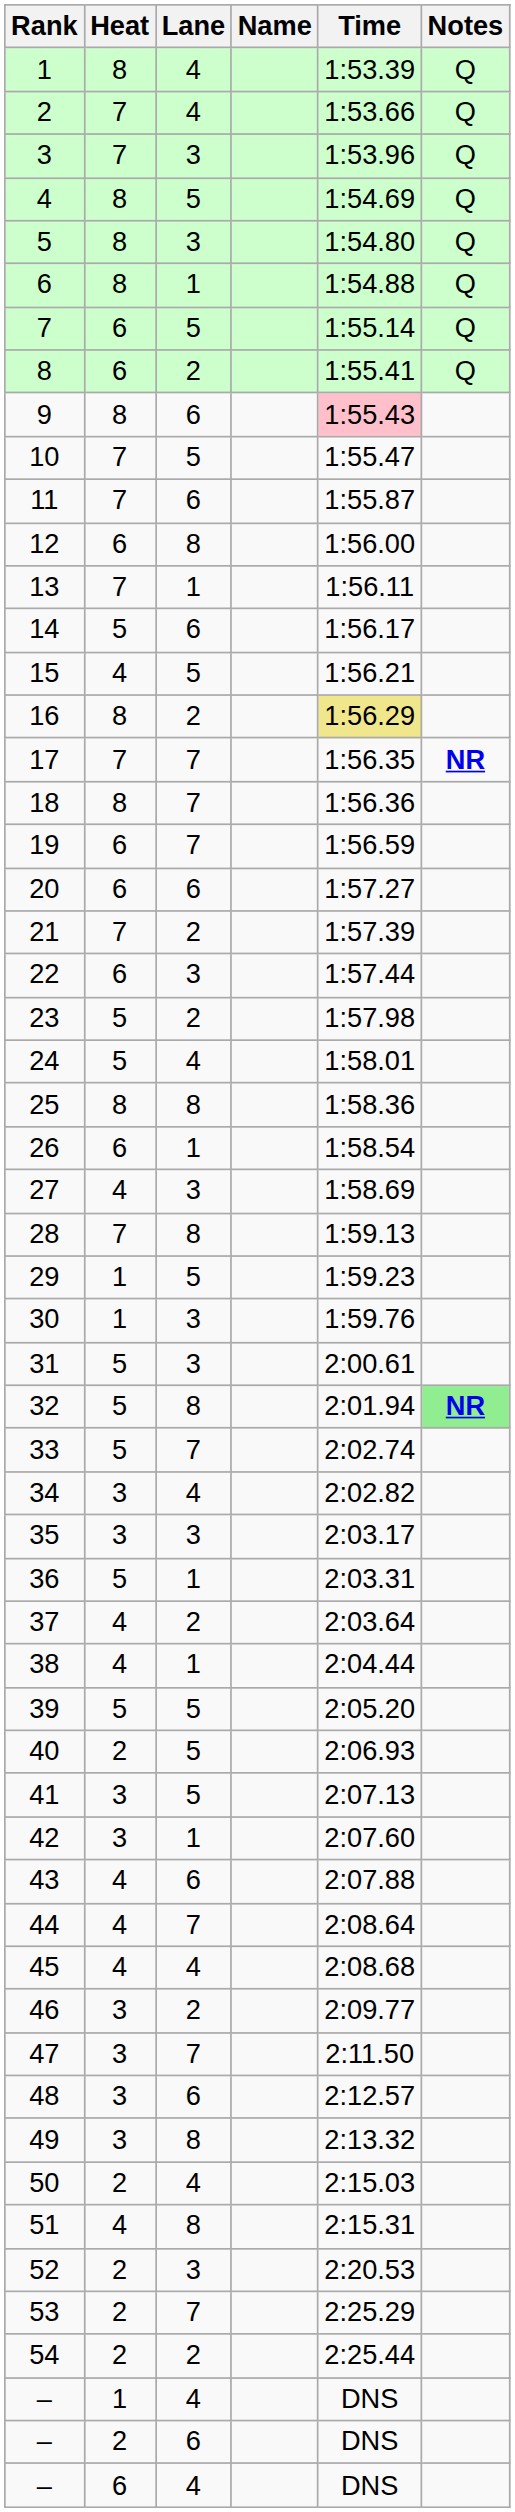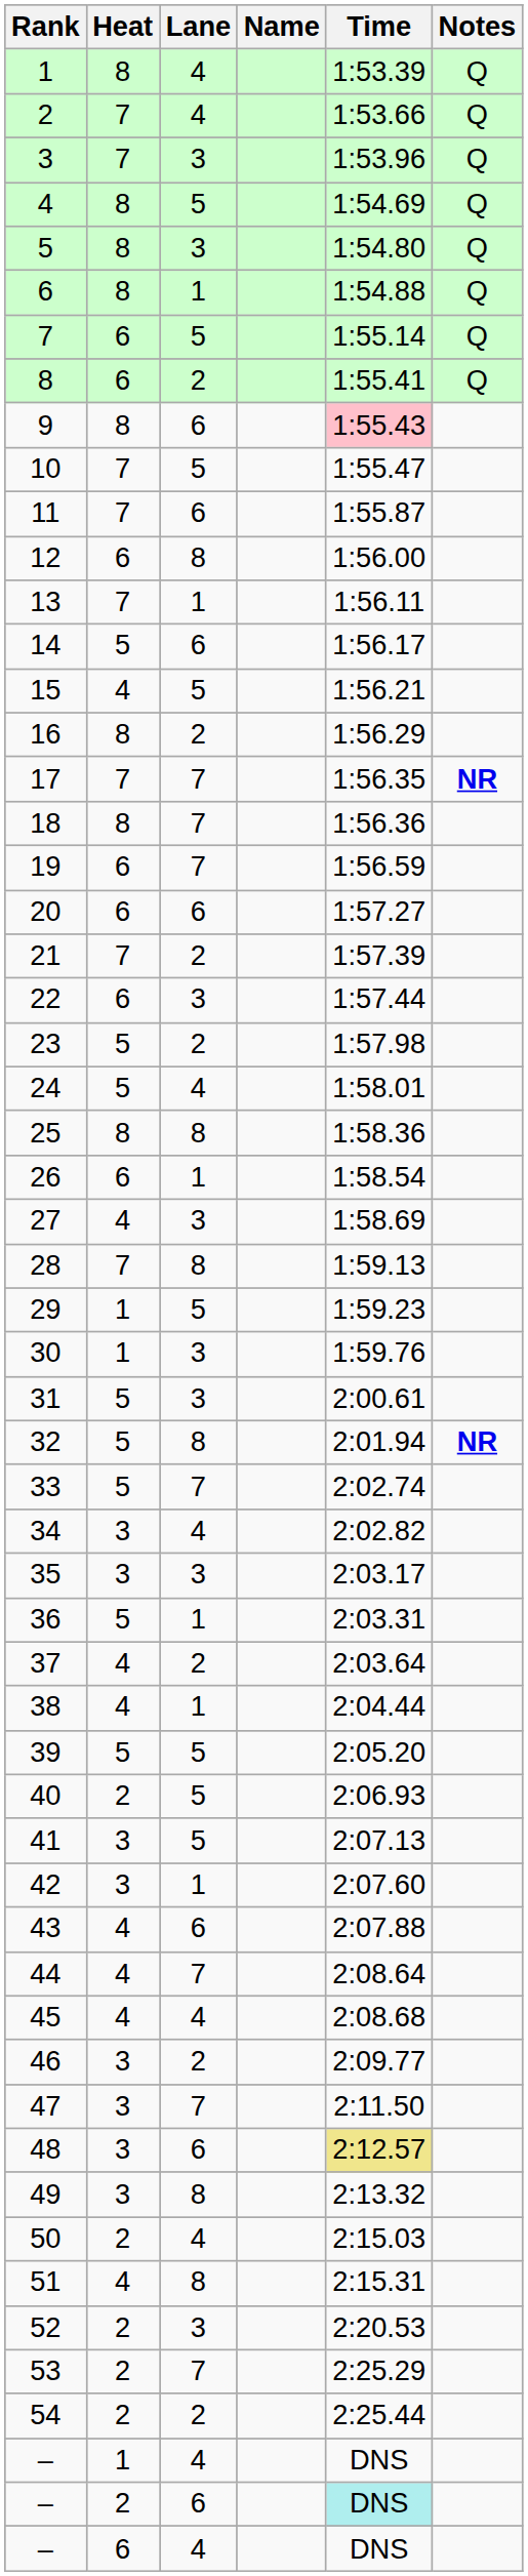 <table class="wikitable sortable" style="text-align:center">
 <tr>
 <th>Rank</th>
 <th>Heat</th>
 <th>Lane</th>
 <th>Name</th>
 <th>Time</th>
 <th>Notes</th>
 </tr>
 <tr bgcolor=ccffcc>
 <td>1</td>
 <td>8</td>
 <td>4</td>
 <td align=left></td>
 <td>1:53.39</td>
 <td>Q</td>
 </tr>
 <tr bgcolor=ccffcc>
 <td>2</td>
 <td>7</td>
 <td>4</td>
 <td align=left></td>
 <td>1:53.66</td>
 <td>Q</td>
 </tr>
 <tr bgcolor=ccffcc>
 <td>3</td>
 <td>7</td>
 <td>3</td>
 <td align=left></td>
 <td>1:53.96</td>
 <td>Q</td>
 </tr>
 <tr bgcolor=ccffcc>
 <td>4</td>
 <td>8</td>
 <td>5</td>
 <td align=left></td>
 <td>1:54.69</td>
 <td>Q</td>
 </tr>
 <tr bgcolor=ccffcc>
 <td>5</td>
 <td>8</td>
 <td>3</td>
 <td align=left></td>
 <td>1:54.80</td>
 <td>Q</td>
 </tr>
 <tr bgcolor=ccffcc>
 <td>6</td>
 <td>8</td>
 <td>1</td>
 <td align=left></td>
 <td>1:54.88</td>
 <td>Q</td>
 </tr>
 <tr bgcolor=ccffcc>
 <td>7</td>
 <td>6</td>
 <td>5</td>
 <td align=left></td>
 <td>1:55.14</td>
 <td>Q</td>
 </tr>
 <tr bgcolor=ccffcc>
 <td>8</td>
 <td>6</td>
 <td>2</td>
 <td align=left></td>
 <td>1:55.41</td>
 <td>Q</td>
 </tr>
 <tr>
 <td>9</td>
 <td>8</td>
 <td>6</td>
 <td align=left></td>
 <td style="background: pink;">1:55.43</td>
 <td></td>
 </tr>
 <tr>
 <td>10</td>
 <td>7</td>
 <td>5</td>
 <td align=left></td>
 <td>1:55.47</td>
 <td></td>
 </tr>
 <tr>
 <td>11</td>
 <td>7</td>
 <td>6</td>
 <td align=left></td>
 <td>1:55.87</td>
 <td></td>
 </tr>
 <tr>
 <td>12</td>
 <td>6</td>
 <td>8</td>
 <td align=left></td>
 <td>1:56.00</td>
 <td></td>
 </tr>
 <tr>
 <td>13</td>
 <td>7</td>
 <td>1</td>
 <td align=left></td>
 <td>1:56.11</td>
 <td></td>
 </tr>
 <tr>
 <td>14</td>
 <td>5</td>
 <td>6</td>
 <td align=left></td>
 <td>1:56.17</td>
 <td></td>
 </tr>
 <tr>
 <td>15</td>
 <td>4</td>
 <td>5</td>
 <td align=left></td>
 <td>1:56.21</td>
 <td></td>
 </tr>
 <tr>
 <td>16</td>
 <td>8</td>
 <td>2</td>
 <td align=left></td>
-<td style="background: khaki;">1:56.29</td>
+<td>1:56.29</td>
 <td></td>
 </tr>
 <tr>
 <td>17</td>
 <td>7</td>
 <td>7</td>
 <td align=left></td>
 <td>1:56.35</td>
 <td><strong><a href='#'>NR</a></strong></td>
 </tr>
 <tr>
 <td>18</td>
 <td>8</td>
 <td>7</td>
 <td align=left></td>
 <td>1:56.36</td>
 <td></td>
 </tr>
 <tr>
 <td>19</td>
 <td>6</td>
 <td>7</td>
 <td align=left></td>
 <td>1:56.59</td>
 <td></td>
 </tr>
 <tr>
 <td>20</td>
 <td>6</td>
 <td>6</td>
 <td align=left></td>
 <td>1:57.27</td>
 <td></td>
 </tr>
 <tr>
 <td>21</td>
 <td>7</td>
 <td>2</td>
 <td align=left></td>
 <td>1:57.39</td>
 <td></td>
 </tr>
 <tr>
 <td>22</td>
 <td>6</td>
 <td>3</td>
 <td align=left></td>
 <td>1:57.44</td>
 <td></td>
 </tr>
 <tr>
 <td>23</td>
 <td>5</td>
 <td>2</td>
 <td align=left></td>
 <td>1:57.98</td>
 <td></td>
 </tr>
 <tr>
 <td>24</td>
 <td>5</td>
 <td>4</td>
 <td align=left></td>
 <td>1:58.01</td>
 <td></td>
 </tr>
 <tr>
 <td>25</td>
 <td>8</td>
 <td>8</td>
 <td align=left></td>
 <td>1:58.36</td>
 <td></td>
 </tr>
 <tr>
 <td>26</td>
 <td>6</td>
 <td>1</td>
 <td align=left></td>
 <td>1:58.54</td>
 <td></td>
 </tr>
 <tr>
 <td>27</td>
 <td>4</td>
 <td>3</td>
 <td align=left></td>
 <td>1:58.69</td>
 <td></td>
 </tr>
 <tr>
 <td>28</td>
 <td>7</td>
 <td>8</td>
 <td align=left></td>
 <td>1:59.13</td>
 <td></td>
 </tr>
 <tr>
 <td>29</td>
 <td>1</td>
 <td>5</td>
 <td align=left></td>
 <td>1:59.23</td>
 <td></td>
 </tr>
 <tr>
 <td>30</td>
 <td>1</td>
 <td>3</td>
 <td align=left></td>
 <td>1:59.76</td>
 <td></td>
 </tr>
 <tr>
 <td>31</td>
 <td>5</td>
 <td>3</td>
 <td align=left></td>
 <td>2:00.61</td>
 <td></td>
 </tr>
 <tr>
 <td>32</td>
 <td>5</td>
 <td>8</td>
 <td align=left></td>
 <td>2:01.94</td>
-<td style="background: lightgreen;"><strong><a href='#'>NR</a></strong></td>
+<td><strong><a href='#'>NR</a></strong></td>
 </tr>
 <tr>
 <td>33</td>
 <td>5</td>
 <td>7</td>
 <td align=left></td>
 <td>2:02.74</td>
 <td></td>
 </tr>
 <tr>
 <td>34</td>
 <td>3</td>
 <td>4</td>
 <td align=left></td>
 <td>2:02.82</td>
 <td></td>
 </tr>
 <tr>
 <td>35</td>
 <td>3</td>
 <td>3</td>
 <td align=left></td>
 <td>2:03.17</td>
 <td></td>
 </tr>
 <tr>
 <td>36</td>
 <td>5</td>
 <td>1</td>
 <td align=left></td>
 <td>2:03.31</td>
 <td></td>
 </tr>
 <tr>
 <td>37</td>
 <td>4</td>
 <td>2</td>
 <td align=left></td>
 <td>2:03.64</td>
 <td></td>
 </tr>
 <tr>
 <td>38</td>
 <td>4</td>
 <td>1</td>
 <td align=left></td>
 <td>2:04.44</td>
 <td></td>
 </tr>
 <tr>
 <td>39</td>
 <td>5</td>
 <td>5</td>
 <td align=left></td>
 <td>2:05.20</td>
 <td></td>
 </tr>
 <tr>
 <td>40</td>
 <td>2</td>
 <td>5</td>
 <td align=left></td>
 <td>2:06.93</td>
 <td></td>
 </tr>
 <tr>
 <td>41</td>
 <td>3</td>
 <td>5</td>
 <td align=left></td>
 <td>2:07.13</td>
 <td></td>
 </tr>
 <tr>
 <td>42</td>
 <td>3</td>
 <td>1</td>
 <td align=left></td>
 <td>2:07.60</td>
 <td></td>
 </tr>
 <tr>
 <td>43</td>
 <td>4</td>
 <td>6</td>
 <td align=left></td>
 <td>2:07.88</td>
 <td></td>
 </tr>
 <tr>
 <td>44</td>
 <td>4</td>
 <td>7</td>
 <td align=left></td>
 <td>2:08.64</td>
 <td></td>
 </tr>
 <tr>
 <td>45</td>
 <td>4</td>
 <td>4</td>
 <td align=left></td>
 <td>2:08.68</td>
 <td></td>
 </tr>
 <tr>
 <td>46</td>
 <td>3</td>
 <td>2</td>
 <td align=left></td>
 <td>2:09.77</td>
 <td></td>
 </tr>
 <tr>
 <td>47</td>
 <td>3</td>
 <td>7</td>
 <td align=left></td>
 <td>2:11.50</td>
 <td></td>
 </tr>
 <tr>
 <td>48</td>
 <td>3</td>
 <td>6</td>
 <td align=left></td>
-<td>2:12.57</td>
+<td style="background: khaki;">2:12.57</td>
 <td></td>
 </tr>
 <tr>
 <td>49</td>
 <td>3</td>
 <td>8</td>
 <td align=left></td>
 <td>2:13.32</td>
 <td></td>
 </tr>
 <tr>
 <td>50</td>
 <td>2</td>
 <td>4</td>
 <td align=left></td>
 <td>2:15.03</td>
 <td></td>
 </tr>
 <tr>
 <td>51</td>
 <td>4</td>
 <td>8</td>
 <td align=left></td>
 <td>2:15.31</td>
 <td></td>
 </tr>
 <tr>
 <td>52</td>
 <td>2</td>
 <td>3</td>
 <td align=left></td>
 <td>2:20.53</td>
 <td></td>
 </tr>
 <tr>
 <td>53</td>
 <td>2</td>
 <td>7</td>
 <td align=left></td>
 <td>2:25.29</td>
 <td></td>
 </tr>
 <tr>
 <td>54</td>
 <td>2</td>
 <td>2</td>
 <td align=left></td>
 <td>2:25.44</td>
 <td></td>
 </tr>
 <tr>
 <td>–</td>
 <td>1</td>
 <td>4</td>
 <td align=left></td>
 <td>DNS</td>
 <td></td>
 </tr>
 <tr>
 <td>–</td>
 <td>2</td>
 <td>6</td>
 <td align=left></td>
-<td>DNS</td>
+<td style="background: paleturquoise;">DNS</td>
 <td></td>
 </tr>
 <tr>
 <td>–</td>
 <td>6</td>
 <td>4</td>
 <td align=left></td>
 <td>DNS</td>
 <td></td>
 </tr>
 </table>
